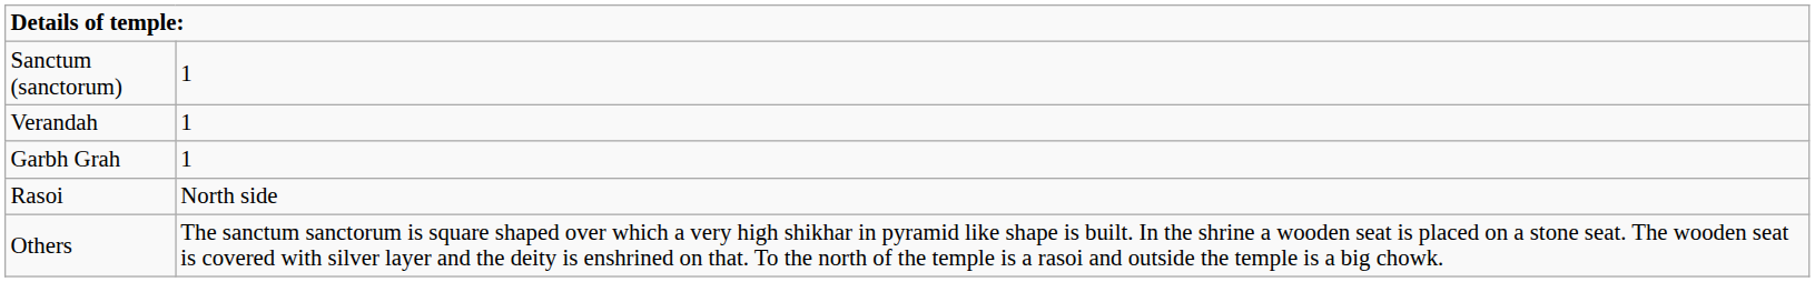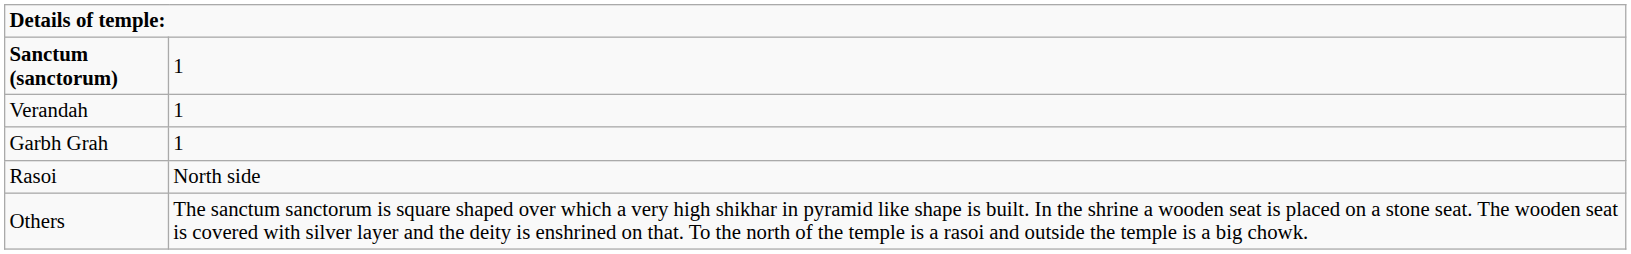 <table class="wikitable">
 <tr>
 <td colspan="4"><strong>Details of temple:</strong></td>
 </tr>
 <tr>
-<td>Sanctum (sanctorum)</td>
+<td><strong>Sanctum (sanctorum)</strong></td>
 <td colspan="3">1</td>
 </tr>
 <tr>
 <td>Verandah</td>
 <td colspan="3">1</td>
 </tr>
 <tr>
 <td>Garbh Grah</td>
 <td colspan="3">1</td>
 </tr>
 <tr>
 <td>Rasoi</td>
 <td colspan="3">North side</td>
 </tr>
 <tr>
 <td>Others</td>
 <td colspan="3">The sanctum sanctorum is square shaped over which a very high shikhar in pyramid like shape is built. In the shrine a wooden seat is placed on a stone seat. The wooden seat is covered with silver layer and the deity is enshrined on that. To the north of the temple is a rasoi and outside the temple is a big chowk.</td>
 </tr>
 </table>
